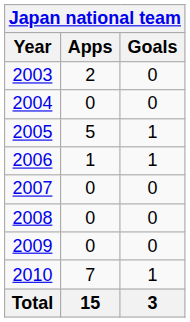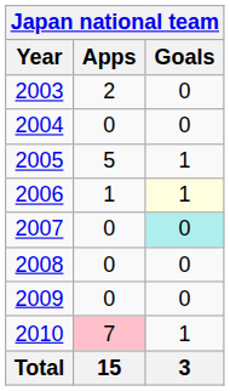 <table class="wikitable" style="text-align:center">
 <tr>
 <th colspan=3><a href='#'>Japan national team</a></th>
 </tr>
 <tr>
 <th>Year</th>
 <th>Apps</th>
 <th>Goals</th>
 </tr>
 <tr>
 <td><a href='#'>2003</a></td>
 <td>2</td>
 <td>0</td>
 </tr>
 <tr>
 <td><a href='#'>2004</a></td>
 <td>0</td>
 <td>0</td>
 </tr>
 <tr>
 <td><a href='#'>2005</a></td>
 <td>5</td>
 <td>1</td>
 </tr>
 <tr>
 <td><a href='#'>2006</a></td>
 <td>1</td>
-<td>1</td>
+<td style="background: lightyellow;">1</td>
 </tr>
 <tr>
 <td><a href='#'>2007</a></td>
 <td>0</td>
-<td>0</td>
+<td style="background: paleturquoise;">0</td>
 </tr>
 <tr>
 <td><a href='#'>2008</a></td>
 <td>0</td>
 <td>0</td>
 </tr>
 <tr>
 <td><a href='#'>2009</a></td>
 <td>0</td>
 <td>0</td>
 </tr>
 <tr>
 <td><a href='#'>2010</a></td>
-<td>7</td>
+<td style="background: pink;">7</td>
 <td>1</td>
 </tr>
 <tr>
 <th>Total</th>
 <th>15</th>
 <th>3</th>
 </tr>
 </table>
